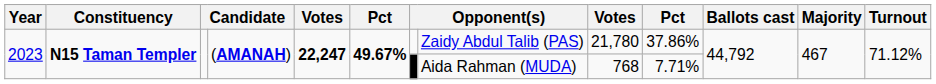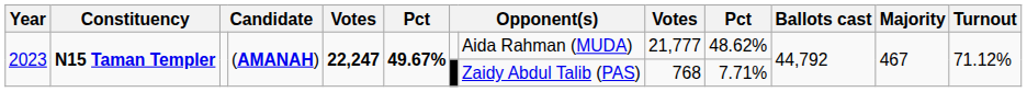 <table class="wikitable" style="margin:0.5em ; font-size:95%">
 <tr>
 <th>Year</th>
 <th>Constituency</th>
 <th colspan="2">Candidate</th>
 <th>Votes</th>
 <th>Pct</th>
 <th colspan="2">Opponent(s)</th>
 <th>Votes</th>
 <th>Pct</th>
 <th>Ballots cast</th>
 <th>Majority</th>
 <th>Turnout</th>
 </tr>
 <tr>
 <td rowspan=2><a href='#'>2023</a></td>
 <td rowspan=2><strong>N15 <a href='#'>Taman Templer</a></strong></td>
 <td rowspan=2 ></td>
 <td rowspan=2> (<a href='#'><strong>AMANAH</strong></a>)</td>
 <td rowspan=2 align=right><strong>22,247</strong></td>
 <td rowspan=2><strong>49.67%</strong></td>
 <td bgcolor=></td>
-<td><a href='#'>Zaidy Abdul Talib</a> (<a href='#'>PAS</a>)</td>
-<td align=right>21,780</td>
-<td>37.86%</td>
+<td>Aida Rahman (<a href='#'>MUDA</a>)</td>
+<td align=right>21,777</td>
+<td>48.62%</td>
 <td rowspan=2>44,792</td>
 <td rowspan=2>467</td>
 <td rowspan=2>71.12%</td>
 </tr>
 <tr>
 <td bgcolor="black"></td>
-<td>Aida Rahman (<a href='#'>MUDA</a>)</td>
+<td><a href='#'>Zaidy Abdul Talib</a> (<a href='#'>PAS</a>)</td>
 <td align=right>768</td>
 <td align=right>7.71%</td>
 </tr>
 </table>
